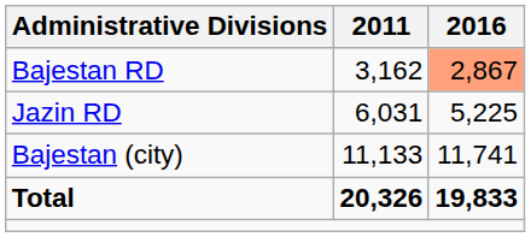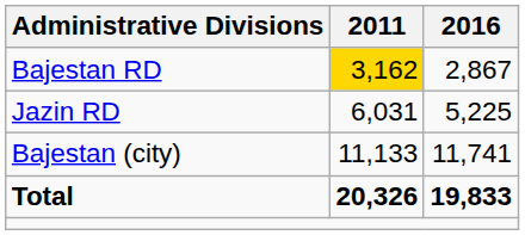 <table class="wikitable">
 <tr>
 <th>Administrative Divisions</th>
 <th>2011</th>
 <th>2016</th>
 </tr>
 <tr>
 <td><a href='#'>Bajestan RD</a></td>
-<td style="text-align: right;">3,162</td>
-<td style="background: lightsalmon; text-align: right;">2,867</td>
+<td style="background: gold; text-align: right;">3,162</td>
+<td style="text-align: right;">2,867</td>
 </tr>
 <tr>
 <td><a href='#'>Jazin RD</a></td>
 <td style="text-align: right;">6,031</td>
 <td style="text-align: right;">5,225</td>
 </tr>
 <tr>
 <td><a href='#'>Bajestan</a> (city)</td>
 <td style="text-align: right;">11,133</td>
 <td style="text-align: right;">11,741</td>
 </tr>
 <tr>
 <td><strong>Total</strong></td>
 <td style="text-align: right;"><strong>20,326</strong></td>
 <td style="text-align: right;"><strong>19,833</strong></td>
 </tr>
 <tr>
 <td colspan=3></td>
 </tr>
 </table>
